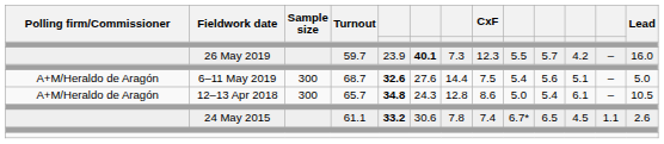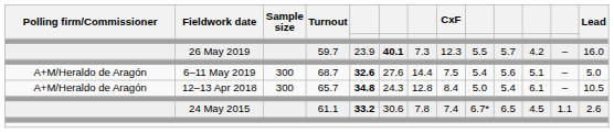 <table class="wikitable collapsible collapsed" style="text-align:center; font-size:95%; line-height:16px;">
 <tr style="height:42px;">
 <th style="width:250px;" rowspan="2">Polling firm/Commissioner</th>
 <th style="width:125px;" rowspan="2">Fieldwork date</th>
 <th style="width:50px;" rowspan="2">Sample size</th>
 <th style="width:45px;" rowspan="2">Turnout</th>
 <th style="width:35px;"></th>
 <th style="width:35px;"></th>
 <th style="width:35px;"></th>
 <th style="width:35px;">CxF</th>
 <th style="width:35px;"></th>
 <th style="width:35px;"></th>
 <th style="width:35px;"></th>
 <th style="width:35px;"></th>
 <th style="width:30px;" rowspan="2">Lead</th>
 </tr>
 <tr>
 <th style="color:inherit;background:"></th>
 <th style="color:inherit;background:"></th>
 <th style="color:inherit;background:"></th>
 <th style="color:inherit;background:"></th>
 <th style="color:inherit;background:"></th>
 <th style="color:inherit;background:"></th>
 <th style="color:inherit;background:"></th>
 <th style="color:inherit;background:"></th>
 </tr>
 <tr>
 <td colspan="13" style="background:#A0A0A0"></td>
 </tr>
 <tr style="background:#EFEFEF;">
 <td><strong></strong></td>
 <td>26 May 2019</td>
 <td></td>
 <td>59.7</td>
 <td>23.9<br></td>
 <td><strong>40.1</strong><br></td>
 <td>7.3<br></td>
 <td>12.3<br></td>
 <td>5.5<br></td>
 <td>5.7<br></td>
 <td>4.2<br></td>
 <td>–</td>
 <td style="background:">16.0</td>
 </tr>
 <tr>
 <td colspan="13" style="background:#A0A0A0"></td>
 </tr>
 <tr>
 <td>A+M/Heraldo de Aragón</td>
 <td>6–11 May 2019</td>
 <td>300</td>
 <td>68.7</td>
 <td><strong>32.6</strong><br></td>
 <td>27.6<br></td>
 <td>14.4<br></td>
 <td>7.5<br></td>
 <td>5.4<br></td>
 <td>5.6<br></td>
 <td>5.1<br></td>
 <td>–</td>
 <td style="background:">5.0</td>
 </tr>
 <tr>
 <td>A+M/Heraldo de Aragón</td>
 <td>12–13 Apr 2018</td>
 <td>300</td>
 <td>65.7</td>
 <td><strong>34.8</strong><br></td>
 <td>24.3<br></td>
 <td>12.8<br></td>
-<td>8.6<br></td>
+<td>8.4<br></td>
 <td>5.0<br></td>
 <td>5.4<br></td>
 <td>6.1<br></td>
 <td>–</td>
 <td style="background:">10.5</td>
 </tr>
 <tr>
 <td colspan="13" style="background:#A0A0A0"></td>
 </tr>
 <tr style="background:#EFEFEF;">
 <td><strong></strong></td>
 <td>24 May 2015</td>
 <td></td>
 <td>61.1</td>
 <td><strong>33.2</strong><br></td>
 <td>30.6<br></td>
 <td>7.8<br></td>
 <td>7.4<br></td>
 <td>6.7*<br></td>
 <td>6.5<br></td>
 <td>4.5<br></td>
 <td>1.1<br></td>
 <td style="background:">2.6</td>
 </tr>
 <tr>
 <td colspan="13" style="background:#A0A0A0"></td>
 </tr>
 <tr>
 <td align="left" colspan="13"></td>
 </tr>
 </table>
